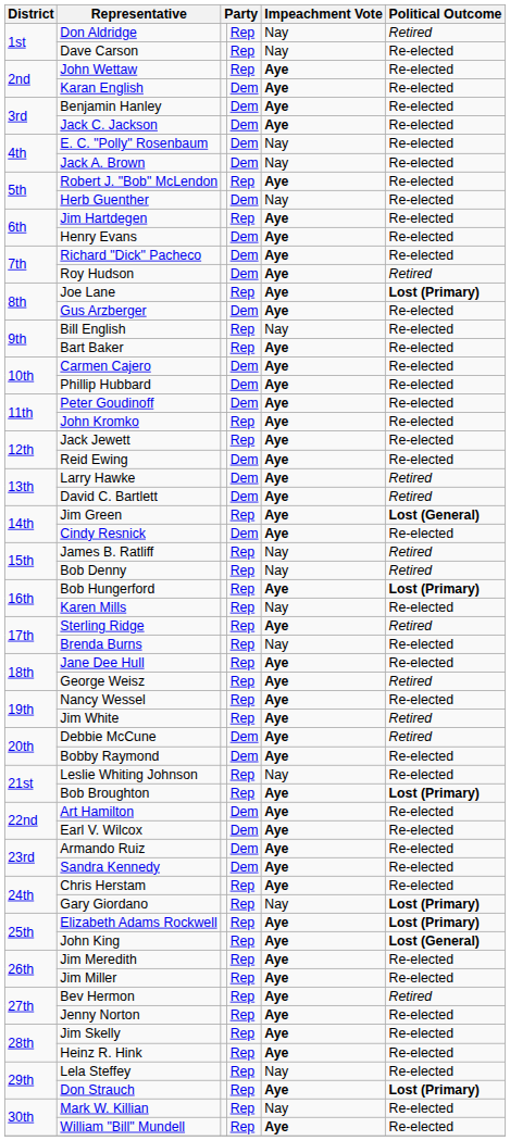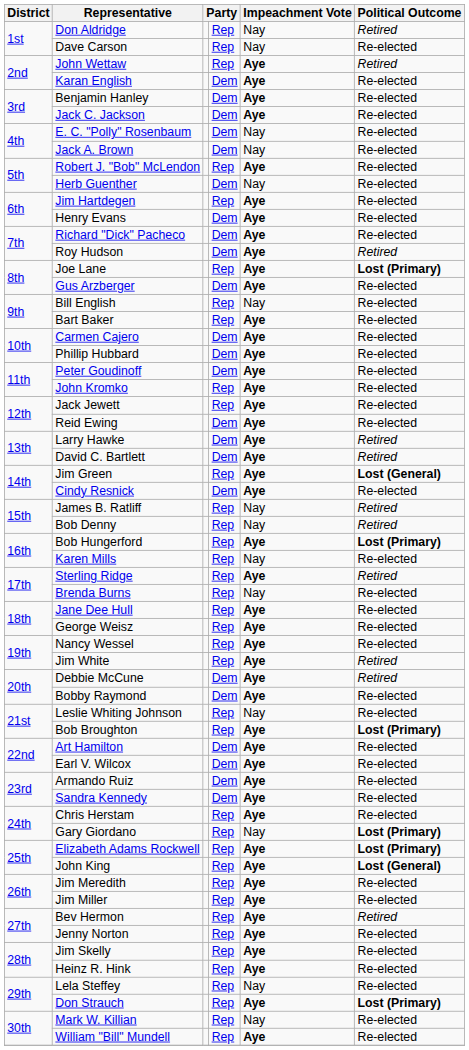 <table class="sortable wikitable" style="font-size:95%;line-height:14px;">
 <tr>
 <th>District</th>
 <th>Representative</th>
 <th colspan="2">Party</th>
 <th>Impeachment Vote</th>
 <th>Political Outcome</th>
 </tr>
 <tr>
 <td rowspan="2"><a href='#'>1st</a></td>
 <td><a href='#'>Don Aldridge</a></td>
 <td style="background:"></td>
 <td><a href='#'>Rep</a></td>
 <td>Nay</td>
 <td><em>Retired</em></td>
 </tr>
 <tr>
 <td>Dave Carson</td>
 <td style="background:"></td>
 <td><a href='#'>Rep</a></td>
 <td>Nay</td>
 <td>Re-elected</td>
 </tr>
 <tr>
 <td rowspan="2"><a href='#'>2nd</a></td>
 <td><a href='#'>John Wettaw</a></td>
 <td style="background:"></td>
 <td><a href='#'>Rep</a></td>
 <td><strong>Aye</strong></td>
-<td>Re-elected</td>
+<td><em>Retired</em></td>
 </tr>
 <tr>
 <td><a href='#'>Karan English</a></td>
 <td style="background:"></td>
 <td><a href='#'>Dem</a></td>
 <td><strong>Aye</strong></td>
 <td>Re-elected</td>
 </tr>
 <tr>
 <td rowspan="2"><a href='#'>3rd</a></td>
 <td>Benjamin Hanley</td>
 <td style="background:"></td>
 <td><a href='#'>Dem</a></td>
 <td><strong>Aye</strong></td>
 <td>Re-elected</td>
 </tr>
 <tr>
 <td><a href='#'>Jack C. Jackson</a></td>
 <td style="background:"></td>
 <td><a href='#'>Dem</a></td>
 <td><strong>Aye</strong></td>
 <td>Re-elected</td>
 </tr>
 <tr>
 <td rowspan="2"><a href='#'>4th</a></td>
 <td><a href='#'>E. C. "Polly" Rosenbaum</a></td>
 <td style="background:"></td>
 <td><a href='#'>Dem</a></td>
 <td>Nay</td>
 <td>Re-elected</td>
 </tr>
 <tr>
 <td><a href='#'>Jack A. Brown</a></td>
 <td style="background:"></td>
 <td><a href='#'>Dem</a></td>
 <td>Nay</td>
 <td>Re-elected</td>
 </tr>
 <tr>
 <td rowspan="2"><a href='#'>5th</a></td>
 <td><a href='#'>Robert J. "Bob" McLendon</a></td>
 <td style="background:"></td>
 <td><a href='#'>Rep</a></td>
 <td><strong>Aye</strong></td>
 <td>Re-elected</td>
 </tr>
 <tr>
 <td><a href='#'>Herb Guenther</a></td>
 <td style="background:"></td>
 <td><a href='#'>Dem</a></td>
 <td>Nay</td>
 <td>Re-elected</td>
 </tr>
 <tr>
 <td rowspan="2"><a href='#'>6th</a></td>
 <td><a href='#'>Jim Hartdegen</a></td>
 <td style="background:"></td>
 <td><a href='#'>Rep</a></td>
 <td><strong>Aye</strong></td>
 <td>Re-elected</td>
 </tr>
 <tr>
 <td>Henry Evans</td>
 <td style="background:"></td>
 <td><a href='#'>Dem</a></td>
 <td><strong>Aye</strong></td>
 <td>Re-elected</td>
 </tr>
 <tr>
 <td rowspan="2"><a href='#'>7th</a></td>
 <td><a href='#'>Richard "Dick" Pacheco</a></td>
 <td style="background:"></td>
 <td><a href='#'>Dem</a></td>
 <td><strong>Aye</strong></td>
 <td>Re-elected</td>
 </tr>
 <tr>
 <td>Roy Hudson</td>
 <td style="background:"></td>
 <td><a href='#'>Dem</a></td>
 <td><strong>Aye</strong></td>
 <td><em>Retired</em></td>
 </tr>
 <tr>
 <td rowspan="2"><a href='#'>8th</a></td>
 <td>Joe Lane</td>
 <td style="background:"></td>
 <td><a href='#'>Rep</a></td>
 <td><strong>Aye</strong></td>
 <td><strong>Lost (Primary)</strong></td>
 </tr>
 <tr>
 <td><a href='#'>Gus Arzberger</a></td>
 <td style="background:"></td>
 <td><a href='#'>Dem</a></td>
 <td><strong>Aye</strong></td>
 <td>Re-elected</td>
 </tr>
 <tr>
 <td rowspan="2"><a href='#'>9th</a></td>
 <td>Bill English</td>
 <td style="background:"></td>
 <td><a href='#'>Rep</a></td>
 <td>Nay</td>
 <td>Re-elected</td>
 </tr>
 <tr>
 <td>Bart Baker</td>
 <td style="background:"></td>
 <td><a href='#'>Rep</a></td>
 <td><strong>Aye</strong></td>
 <td>Re-elected</td>
 </tr>
 <tr>
 <td rowspan="2"><a href='#'>10th</a></td>
 <td><a href='#'>Carmen Cajero</a></td>
 <td style="background:"></td>
 <td><a href='#'>Dem</a></td>
 <td><strong>Aye</strong></td>
 <td>Re-elected</td>
 </tr>
 <tr>
 <td>Phillip Hubbard</td>
 <td style="background:"></td>
 <td><a href='#'>Dem</a></td>
 <td><strong>Aye</strong></td>
 <td>Re-elected</td>
 </tr>
 <tr>
 <td rowspan="2"><a href='#'>11th</a></td>
 <td><a href='#'>Peter Goudinoff</a></td>
 <td style="background:"></td>
 <td><a href='#'>Dem</a></td>
 <td><strong>Aye</strong></td>
 <td>Re-elected</td>
 </tr>
 <tr>
 <td><a href='#'>John Kromko</a></td>
 <td style="background:"></td>
 <td><a href='#'>Rep</a></td>
 <td><strong>Aye</strong></td>
 <td>Re-elected</td>
 </tr>
 <tr>
 <td rowspan="2"><a href='#'>12th</a></td>
 <td>Jack Jewett</td>
 <td style="background:"></td>
 <td><a href='#'>Rep</a></td>
 <td><strong>Aye</strong></td>
 <td>Re-elected</td>
 </tr>
 <tr>
 <td>Reid Ewing</td>
 <td style="background:"></td>
 <td><a href='#'>Dem</a></td>
 <td><strong>Aye</strong></td>
 <td>Re-elected</td>
 </tr>
 <tr>
 <td rowspan="2"><a href='#'>13th</a></td>
 <td>Larry Hawke</td>
 <td style="background:"></td>
 <td><a href='#'>Dem</a></td>
 <td><strong>Aye</strong></td>
 <td><em>Retired</em></td>
 </tr>
 <tr>
 <td>David C. Bartlett</td>
 <td style="background:"></td>
 <td><a href='#'>Dem</a></td>
 <td><strong>Aye</strong></td>
 <td><em>Retired</em></td>
 </tr>
 <tr>
 <td rowspan="2"><a href='#'>14th</a></td>
 <td>Jim Green</td>
 <td style="background:"></td>
 <td><a href='#'>Rep</a></td>
 <td><strong>Aye</strong></td>
 <td><strong>Lost (General)</strong></td>
 </tr>
 <tr>
 <td><a href='#'>Cindy Resnick</a></td>
 <td style="background:"></td>
 <td><a href='#'>Dem</a></td>
 <td><strong>Aye</strong></td>
 <td>Re-elected</td>
 </tr>
 <tr>
 <td rowspan="2"><a href='#'>15th</a></td>
 <td>James B. Ratliff</td>
 <td style="background:"></td>
 <td><a href='#'>Rep</a></td>
 <td>Nay</td>
 <td><em>Retired</em></td>
 </tr>
 <tr>
 <td>Bob Denny</td>
 <td style="background:"></td>
 <td><a href='#'>Rep</a></td>
 <td>Nay</td>
 <td><em>Retired</em></td>
 </tr>
 <tr>
 <td rowspan="2"><a href='#'>16th</a></td>
 <td>Bob Hungerford</td>
 <td style="background:"></td>
 <td><a href='#'>Rep</a></td>
 <td><strong>Aye</strong></td>
 <td><strong>Lost (Primary)</strong></td>
 </tr>
 <tr>
 <td><a href='#'>Karen Mills</a></td>
 <td style="background:"></td>
 <td><a href='#'>Rep</a></td>
 <td>Nay</td>
 <td>Re-elected</td>
 </tr>
 <tr>
 <td rowspan="2"><a href='#'>17th</a></td>
 <td><a href='#'>Sterling Ridge</a></td>
 <td style="background:"></td>
 <td><a href='#'>Rep</a></td>
 <td><strong>Aye</strong></td>
 <td><em>Retired</em></td>
 </tr>
 <tr>
 <td><a href='#'>Brenda Burns</a></td>
 <td style="background:"></td>
 <td><a href='#'>Rep</a></td>
 <td>Nay</td>
 <td>Re-elected</td>
 </tr>
 <tr>
 <td rowspan="2"><a href='#'>18th</a></td>
 <td><a href='#'>Jane Dee Hull</a></td>
 <td style="background:"></td>
 <td><a href='#'>Rep</a></td>
 <td><strong>Aye</strong></td>
 <td>Re-elected</td>
 </tr>
 <tr>
 <td>George Weisz</td>
 <td style="background:"></td>
 <td><a href='#'>Rep</a></td>
 <td><strong>Aye</strong></td>
-<td><em>Retired</em></td>
+<td>Re-elected</td>
 </tr>
 <tr>
 <td rowspan="2"><a href='#'>19th</a></td>
 <td>Nancy Wessel</td>
 <td style="background:"></td>
 <td><a href='#'>Rep</a></td>
 <td><strong>Aye</strong></td>
 <td>Re-elected</td>
 </tr>
 <tr>
 <td>Jim White</td>
 <td style="background:"></td>
 <td><a href='#'>Rep</a></td>
 <td><strong>Aye</strong></td>
 <td><em>Retired</em></td>
 </tr>
 <tr>
 <td rowspan="2"><a href='#'>20th</a></td>
 <td>Debbie McCune</td>
 <td style="background:"></td>
 <td><a href='#'>Dem</a></td>
 <td><strong>Aye</strong></td>
 <td><em>Retired</em></td>
 </tr>
 <tr>
 <td>Bobby Raymond</td>
 <td style="background:"></td>
 <td><a href='#'>Dem</a></td>
 <td><strong>Aye</strong></td>
 <td>Re-elected</td>
 </tr>
 <tr>
 <td rowspan="2"><a href='#'>21st</a></td>
 <td>Leslie Whiting Johnson</td>
 <td style="background:"></td>
 <td><a href='#'>Rep</a></td>
 <td>Nay</td>
 <td>Re-elected</td>
 </tr>
 <tr>
 <td>Bob Broughton</td>
 <td style="background:"></td>
 <td><a href='#'>Rep</a></td>
 <td><strong>Aye</strong></td>
 <td><strong>Lost (Primary)</strong></td>
 </tr>
 <tr>
 <td rowspan="2"><a href='#'>22nd</a></td>
 <td><a href='#'>Art Hamilton</a></td>
 <td style="background:"></td>
 <td><a href='#'>Dem</a></td>
 <td><strong>Aye</strong></td>
 <td>Re-elected</td>
 </tr>
 <tr>
 <td>Earl V. Wilcox</td>
 <td style="background:"></td>
 <td><a href='#'>Dem</a></td>
 <td><strong>Aye</strong></td>
 <td>Re-elected</td>
 </tr>
 <tr>
 <td rowspan="2"><a href='#'>23rd</a></td>
 <td>Armando Ruiz</td>
 <td style="background:"></td>
 <td><a href='#'>Dem</a></td>
 <td><strong>Aye</strong></td>
 <td>Re-elected</td>
 </tr>
 <tr>
 <td><a href='#'>Sandra Kennedy</a></td>
 <td style="background:"></td>
 <td><a href='#'>Dem</a></td>
 <td><strong>Aye</strong></td>
 <td>Re-elected</td>
 </tr>
 <tr>
 <td rowspan="2"><a href='#'>24th</a></td>
 <td>Chris Herstam</td>
 <td style="background:"></td>
 <td><a href='#'>Rep</a></td>
 <td><strong>Aye</strong></td>
 <td>Re-elected</td>
 </tr>
 <tr>
 <td>Gary Giordano</td>
 <td style="background:"></td>
 <td><a href='#'>Rep</a></td>
 <td>Nay</td>
 <td><strong>Lost (Primary)</strong></td>
 </tr>
 <tr>
 <td rowspan="2"><a href='#'>25th</a></td>
 <td><a href='#'>Elizabeth Adams Rockwell</a></td>
 <td style="background:"></td>
 <td><a href='#'>Rep</a></td>
 <td><strong>Aye</strong></td>
 <td><strong>Lost (Primary)</strong></td>
 </tr>
 <tr>
 <td>John King</td>
 <td style="background:"></td>
 <td><a href='#'>Rep</a></td>
 <td><strong>Aye</strong></td>
 <td><strong>Lost (General)</strong></td>
 </tr>
 <tr>
 <td rowspan="2"><a href='#'>26th</a></td>
 <td>Jim Meredith</td>
 <td style="background:"></td>
 <td><a href='#'>Rep</a></td>
 <td><strong>Aye</strong></td>
 <td>Re-elected</td>
 </tr>
 <tr>
 <td>Jim Miller</td>
 <td style="background:"></td>
 <td><a href='#'>Rep</a></td>
 <td><strong>Aye</strong></td>
 <td>Re-elected</td>
 </tr>
 <tr>
 <td rowspan="2"><a href='#'>27th</a></td>
 <td>Bev Hermon</td>
 <td style="background:"></td>
 <td><a href='#'>Rep</a></td>
 <td><strong>Aye</strong></td>
 <td><em>Retired</em></td>
 </tr>
 <tr>
 <td>Jenny Norton</td>
 <td style="background:"></td>
 <td><a href='#'>Rep</a></td>
 <td><strong>Aye</strong></td>
 <td>Re-elected</td>
 </tr>
 <tr>
 <td rowspan="2"><a href='#'>28th</a></td>
 <td>Jim Skelly</td>
 <td style="background:"></td>
 <td><a href='#'>Rep</a></td>
 <td><strong>Aye</strong></td>
 <td>Re-elected</td>
 </tr>
 <tr>
 <td>Heinz R. Hink</td>
 <td style="background:"></td>
 <td><a href='#'>Rep</a></td>
 <td><strong>Aye</strong></td>
 <td>Re-elected</td>
 </tr>
 <tr>
 <td rowspan="2"><a href='#'>29th</a></td>
 <td>Lela Steffey</td>
 <td style="background:"></td>
 <td><a href='#'>Rep</a></td>
 <td>Nay</td>
 <td>Re-elected</td>
 </tr>
 <tr>
 <td><a href='#'>Don Strauch</a></td>
 <td style="background:"></td>
 <td><a href='#'>Rep</a></td>
 <td><strong>Aye</strong></td>
 <td><strong>Lost (Primary)</strong></td>
 </tr>
 <tr>
 <td rowspan="2"><a href='#'>30th</a></td>
 <td><a href='#'>Mark W. Killian</a></td>
 <td style="background:"></td>
 <td><a href='#'>Rep</a></td>
 <td>Nay</td>
 <td>Re-elected</td>
 </tr>
 <tr>
 <td><a href='#'>William "Bill" Mundell</a></td>
 <td style="background:"></td>
 <td><a href='#'>Rep</a></td>
 <td><strong>Aye</strong></td>
 <td>Re-elected</td>
 </tr>
 <tr>
 </tr>
 </table>
